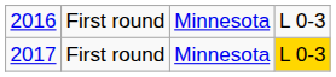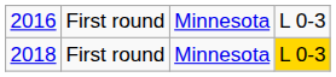 <table class="wikitable">
 <tr align="center">
 <td><a href='#'>2016</a></td>
 <td>First round</td>
 <td><a href='#'>Minnesota</a></td>
 <td>L 0-3</td>
 </tr>
 <tr>
-<td><a href='#'>2017</a></td>
+<td><a href='#'>2018</a></td>
 <td>First round</td>
 <td><a href='#'>Minnesota</a></td>
 <td style="background: gold;">L 0-3</td>
 </tr>
 </table>
